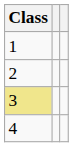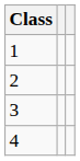 <table class="wikitable">
 <tr>
 <th>Class</th>
 <th></th>
 <th></th>
 </tr>
 <tr>
 <td>1</td>
 <td></td>
 <td></td>
 </tr>
 <tr>
 <td>2</td>
 <td></td>
 <td></td>
 </tr>
 <tr>
-<td style="background: khaki;">3</td>
+<td>3</td>
 <td></td>
 <td></td>
 </tr>
 <tr>
 <td>4</td>
 <td></td>
 <td></td>
 </tr>
 </table>
